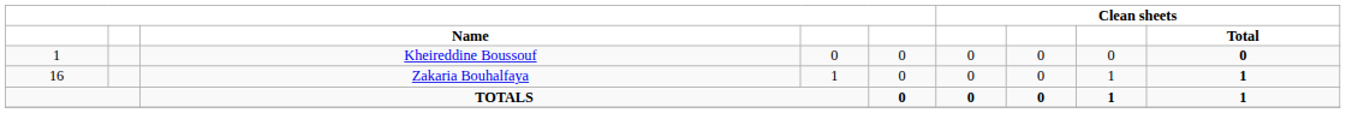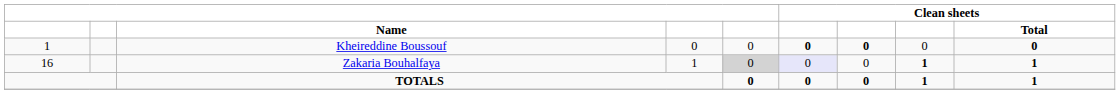 <table class="wikitable sortable alternance"  style="font-size:96%; text-align:center; line-height:14px; width:70%;">
 <tr>
 <th colspan="5" style="background:white; color:black; text-align:center;"></th>
 <th colspan="5" style="background:white; color:black; text-align:center;">Clean sheets</th>
 </tr>
 <tr>
 <th style="background:white; color:black; text-align:center;"></th>
 <th style="background:white; color:black; text-align:center;"></th>
 <th style="background:white; color:black; text-align:center;">Name</th>
 <th style="background:white; color:black; text-align:center;"></th>
 <th style="background:white; color:black; text-align:center;"></th>
 <th style="background:white; color:black; text-align:center;"></th>
 <th style="background:white; color:black; text-align:center;"></th>
 <th style="background:white; color:black; text-align:center;"></th>
 <th style="background:white; color:black; text-align:center;">Total</th>
 </tr>
 <tr>
 <td>1</td>
 <td></td>
 <td><a href='#'>Kheireddine Boussouf</a></td>
 <td>0</td>
 <td>0</td>
-<td>0</td>
-<td>0</td>
+<td><strong>0</strong></td>
+<td><strong>0</strong></td>
 <td>0</td>
 <td><strong>0</strong></td>
 </tr>
 <tr>
 <td>16</td>
 <td></td>
 <td><a href='#'>Zakaria Bouhalfaya</a></td>
 <td>1</td>
+<td style="background: lightgrey;">0</td>
+<td style="background: lavender;">0</td>
 <td>0</td>
-<td>0</td>
-<td>0</td>
-<td>1</td>
+<td><strong>1</strong></td>
 <td><strong>1</strong></td>
 </tr>
 <tr>
 <td colspan="2"></td>
 <td colspan="2"><strong>TOTALS</strong></td>
 <td><strong>0</strong></td>
 <td><strong>0</strong></td>
 <td><strong>0</strong></td>
 <td><strong>1</strong></td>
 <td><strong>1</strong></td>
 </tr>
 <tr>
 </tr>
 </table>
